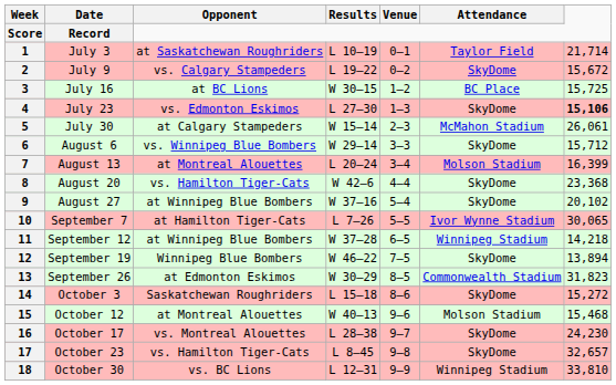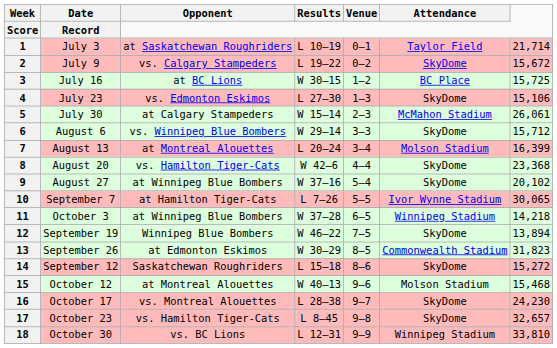 <table class="wikitable" style="text-align:center">
 <tr>
 <th>Week</th>
 <th>Date</th>
 <th>Opponent</th>
 <th>Results</th>
 <th>Venue</th>
 <th>Attendance</th>
 </tr>
 <tr>
 <th>Score</th>
 <th>Record</th>
 </tr>
 <tr style="background:#ffbbbb">
 <th>1</th>
 <td>July 3</td>
 <td>at <a href='#'>Saskatchewan Roughriders</a></td>
 <td>L 10–19</td>
 <td>0–1</td>
 <td><a href='#'>Taylor Field</a></td>
 <td>21,714</td>
 </tr>
 <tr style="background:#ffbbbb">
 <th>2</th>
 <td>July 9</td>
 <td>vs. <a href='#'>Calgary Stampeders</a></td>
 <td>L 19–22</td>
 <td>0–2</td>
 <td><a href='#'>SkyDome</a></td>
 <td>15,672</td>
 </tr>
 <tr style="background:#ddffdd">
 <th>3</th>
 <td>July 16</td>
 <td>at <a href='#'>BC Lions</a></td>
 <td>W 30–15</td>
 <td>1–2</td>
 <td><a href='#'>BC Place</a></td>
 <td>15,725</td>
 </tr>
 <tr style="background:#ffbbbb">
 <th>4</th>
 <td>July 23</td>
 <td>vs. <a href='#'>Edmonton Eskimos</a></td>
 <td>L 27–30 </td>
 <td>1–3</td>
 <td>SkyDome</td>
-<td><strong>15,106</strong></td>
+<td>15,106</td>
 </tr>
 <tr style="background:#ddffdd">
 <th>5</th>
 <td>July 30</td>
 <td>at Calgary Stampeders</td>
 <td>W 15–14</td>
 <td>2–3</td>
 <td><a href='#'>McMahon Stadium</a></td>
 <td>26,061</td>
 </tr>
 <tr style="background:#ddffdd">
 <th>6</th>
 <td>August 6</td>
 <td>vs. <a href='#'>Winnipeg Blue Bombers</a></td>
 <td>W 29–14</td>
 <td>3–3</td>
 <td>SkyDome</td>
 <td>15,712</td>
 </tr>
 <tr style="background:#ffbbbb">
 <th>7</th>
 <td>August 13</td>
 <td>at <a href='#'>Montreal Alouettes</a></td>
 <td>L 20–24</td>
 <td>3–4</td>
 <td><a href='#'>Molson Stadium</a></td>
 <td>16,399</td>
 </tr>
 <tr style="background:#ddffdd">
 <th>8</th>
 <td>August 20</td>
 <td>vs. <a href='#'>Hamilton Tiger-Cats</a></td>
 <td>W 42–6</td>
 <td>4–4</td>
 <td>SkyDome</td>
 <td>23,368</td>
 </tr>
 <tr style="background:#ddffdd">
 <th>9</th>
 <td>August 27</td>
 <td>at Winnipeg Blue Bombers</td>
 <td>W 37–16</td>
 <td>5–4</td>
 <td>SkyDome</td>
 <td>20,102</td>
 </tr>
 <tr style="background:#ffbbbb">
 <th>10</th>
 <td>September 7</td>
 <td>at Hamilton Tiger-Cats</td>
 <td>L 7–26</td>
 <td>5–5</td>
 <td><a href='#'>Ivor Wynne Stadium</a></td>
 <td>30,065</td>
 </tr>
 <tr style="background:#ddffdd">
 <th>11</th>
-<td>September 12</td>
+<td>October 3</td>
 <td>at Winnipeg Blue Bombers</td>
 <td>W 37–28</td>
 <td>6–5</td>
 <td><a href='#'>Winnipeg Stadium</a></td>
 <td>14,218</td>
 </tr>
 <tr style="background:#ddffdd">
 <th>12</th>
 <td>September 19</td>
 <td>Winnipeg Blue Bombers</td>
 <td>W 46–22</td>
 <td>7–5</td>
 <td>SkyDome</td>
 <td>13,894</td>
 </tr>
 <tr style="background:#ddffdd">
 <th>13</th>
 <td>September 26</td>
 <td>at Edmonton Eskimos</td>
 <td>W 30–29</td>
 <td>8–5</td>
 <td><a href='#'>Commonwealth Stadium</a></td>
 <td>31,823</td>
 </tr>
 <tr style="background:#ffbbbb">
 <th>14</th>
-<td>October 3</td>
+<td>September 12</td>
 <td>Saskatchewan Roughriders</td>
 <td>L 15–18</td>
 <td>8–6</td>
 <td>SkyDome</td>
 <td>15,272</td>
 </tr>
 <tr style="background:#ddffdd">
 <th>15</th>
 <td>October 12</td>
 <td>at Montreal Alouettes</td>
 <td>W 40–13</td>
 <td>9–6</td>
 <td>Molson Stadium</td>
 <td>15,468</td>
 </tr>
 <tr style="background:#ffbbbb">
 <th>16</th>
 <td>October 17</td>
 <td>vs. Montreal Alouettes</td>
 <td>L 28–38</td>
 <td>9–7</td>
 <td>SkyDome</td>
 <td>24,230</td>
 </tr>
 <tr style="background:#ffbbbb">
 <th>17</th>
 <td>October 23</td>
 <td>vs. Hamilton Tiger-Cats</td>
 <td>L 8–45</td>
 <td>9–8</td>
 <td>SkyDome</td>
 <td>32,657</td>
 </tr>
 <tr style="background:#ffbbbb">
 <th>18</th>
 <td>October 30</td>
 <td>vs. BC Lions</td>
 <td>L 12–31</td>
 <td>9–9</td>
 <td>Winnipeg Stadium</td>
 <td>33,810</td>
 </tr>
 </table>
